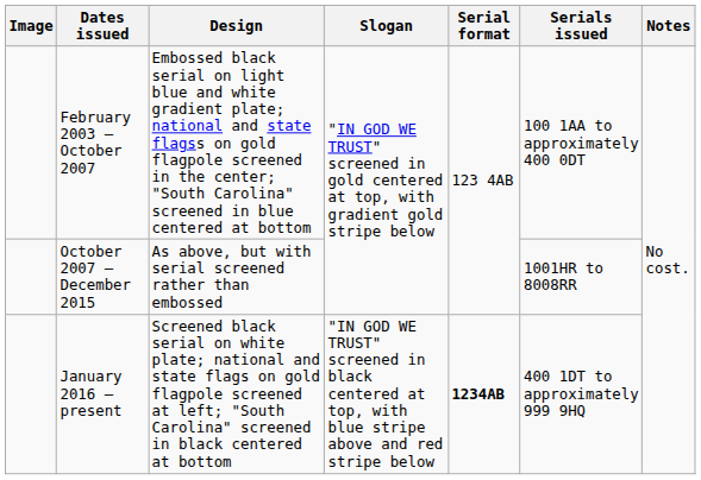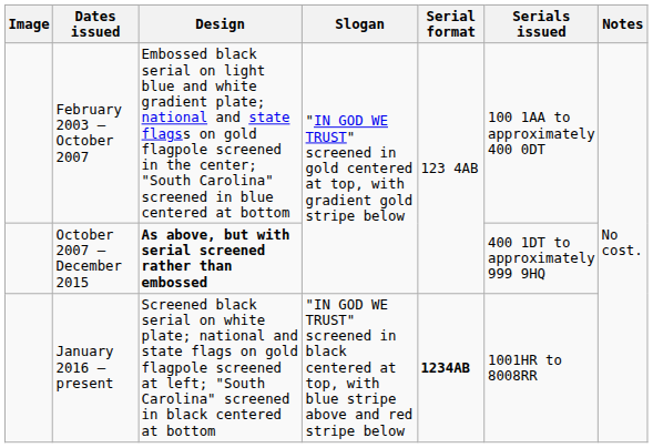 <table class="wikitable">
 <tr>
 <th>Image</th>
 <th style="width:75px;">Dates issued</th>
 <th>Design</th>
 <th>Slogan</th>
 <th>Serial format</th>
 <th style="width:100px;">Serials issued</th>
 <th>Notes</th>
 </tr>
 <tr>
 <td></td>
 <td>February 2003 – October 2007</td>
 <td>Embossed black serial on light blue and white gradient plate; <a href='#'>national</a> and <a href='#'>state flags</a>s on gold flagpole screened in the center; "South Carolina" screened in blue centered at bottom</td>
 <td rowspan="2">"<a href='#'>IN GOD WE TRUST</a>" screened in gold centered at top, with gradient gold stripe below</td>
 <td rowspan="2">123 4AB</td>
 <td>100 1AA to approximately 400 0DT</td>
 <td rowspan="3">No cost.</td>
 </tr>
 <tr>
 <td></td>
 <td>October 2007 – December 2015</td>
-<td>As above, but with serial screened rather than embossed</td>
-<td>1001HR to 8008RR </td>
+<td><strong>As above, but with serial screened rather than embossed</strong></td>
+<td>400 1DT to approximately 999 9HQ</td>
 </tr>
 <tr>
 <td></td>
 <td>January 2016 – present</td>
 <td>Screened black serial on white plate; national and state flags on gold flagpole screened at left; "South Carolina" screened in black centered at bottom</td>
 <td>"IN GOD WE TRUST" screened in black centered at top, with blue stripe above and red stripe below</td>
 <td><strong>1234AB</strong></td>
-<td>400 1DT to approximately 999 9HQ</td>
+<td>1001HR to 8008RR </td>
 </tr>
 </table>
